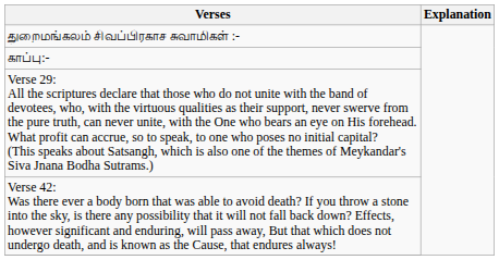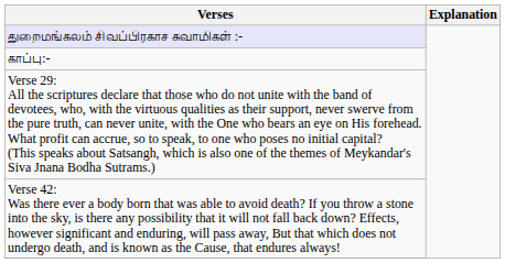 <table class="wikitable">
 <tr>
 <th>Verses</th>
 <th>Explanation</th>
 </tr>
 <tr>
-<td>துறைமங்கலம் சிவப்பிரகாச சுவாமிகள் :- <br></td>
+<td style="background: lavender;">துறைமங்கலம் சிவப்பிரகாச சுவாமிகள் :- <br></td>
 </tr>
 <tr>
 <td>காப்பு:- <br></td>
 </tr>
 <tr>
 <td>Verse 29:<br>All the scriptures declare that those who do not unite with the band of devotees, who, with the virtuous qualities as their support, never swerve from the pure truth, can never unite, with the One who bears an eye on His forehead. What profit can accrue, so to speak, to one who poses no initial capital?<br>(This speaks about Satsangh, which is also one of the themes of Meykandar's Siva Jnana Bodha Sutrams.)</td>
 </tr>
 <tr>
 <td>Verse 42:<br>Was there ever a body born that was able to avoid death? If you throw a stone into the sky, is there any possibility that it will not fall back down? Effects, however significant and enduring, will pass away, But that which does not undergo death, and is known as the Cause, that endures always! <br></td>
 </tr>
 <tr>
 </tr>
 </table>
